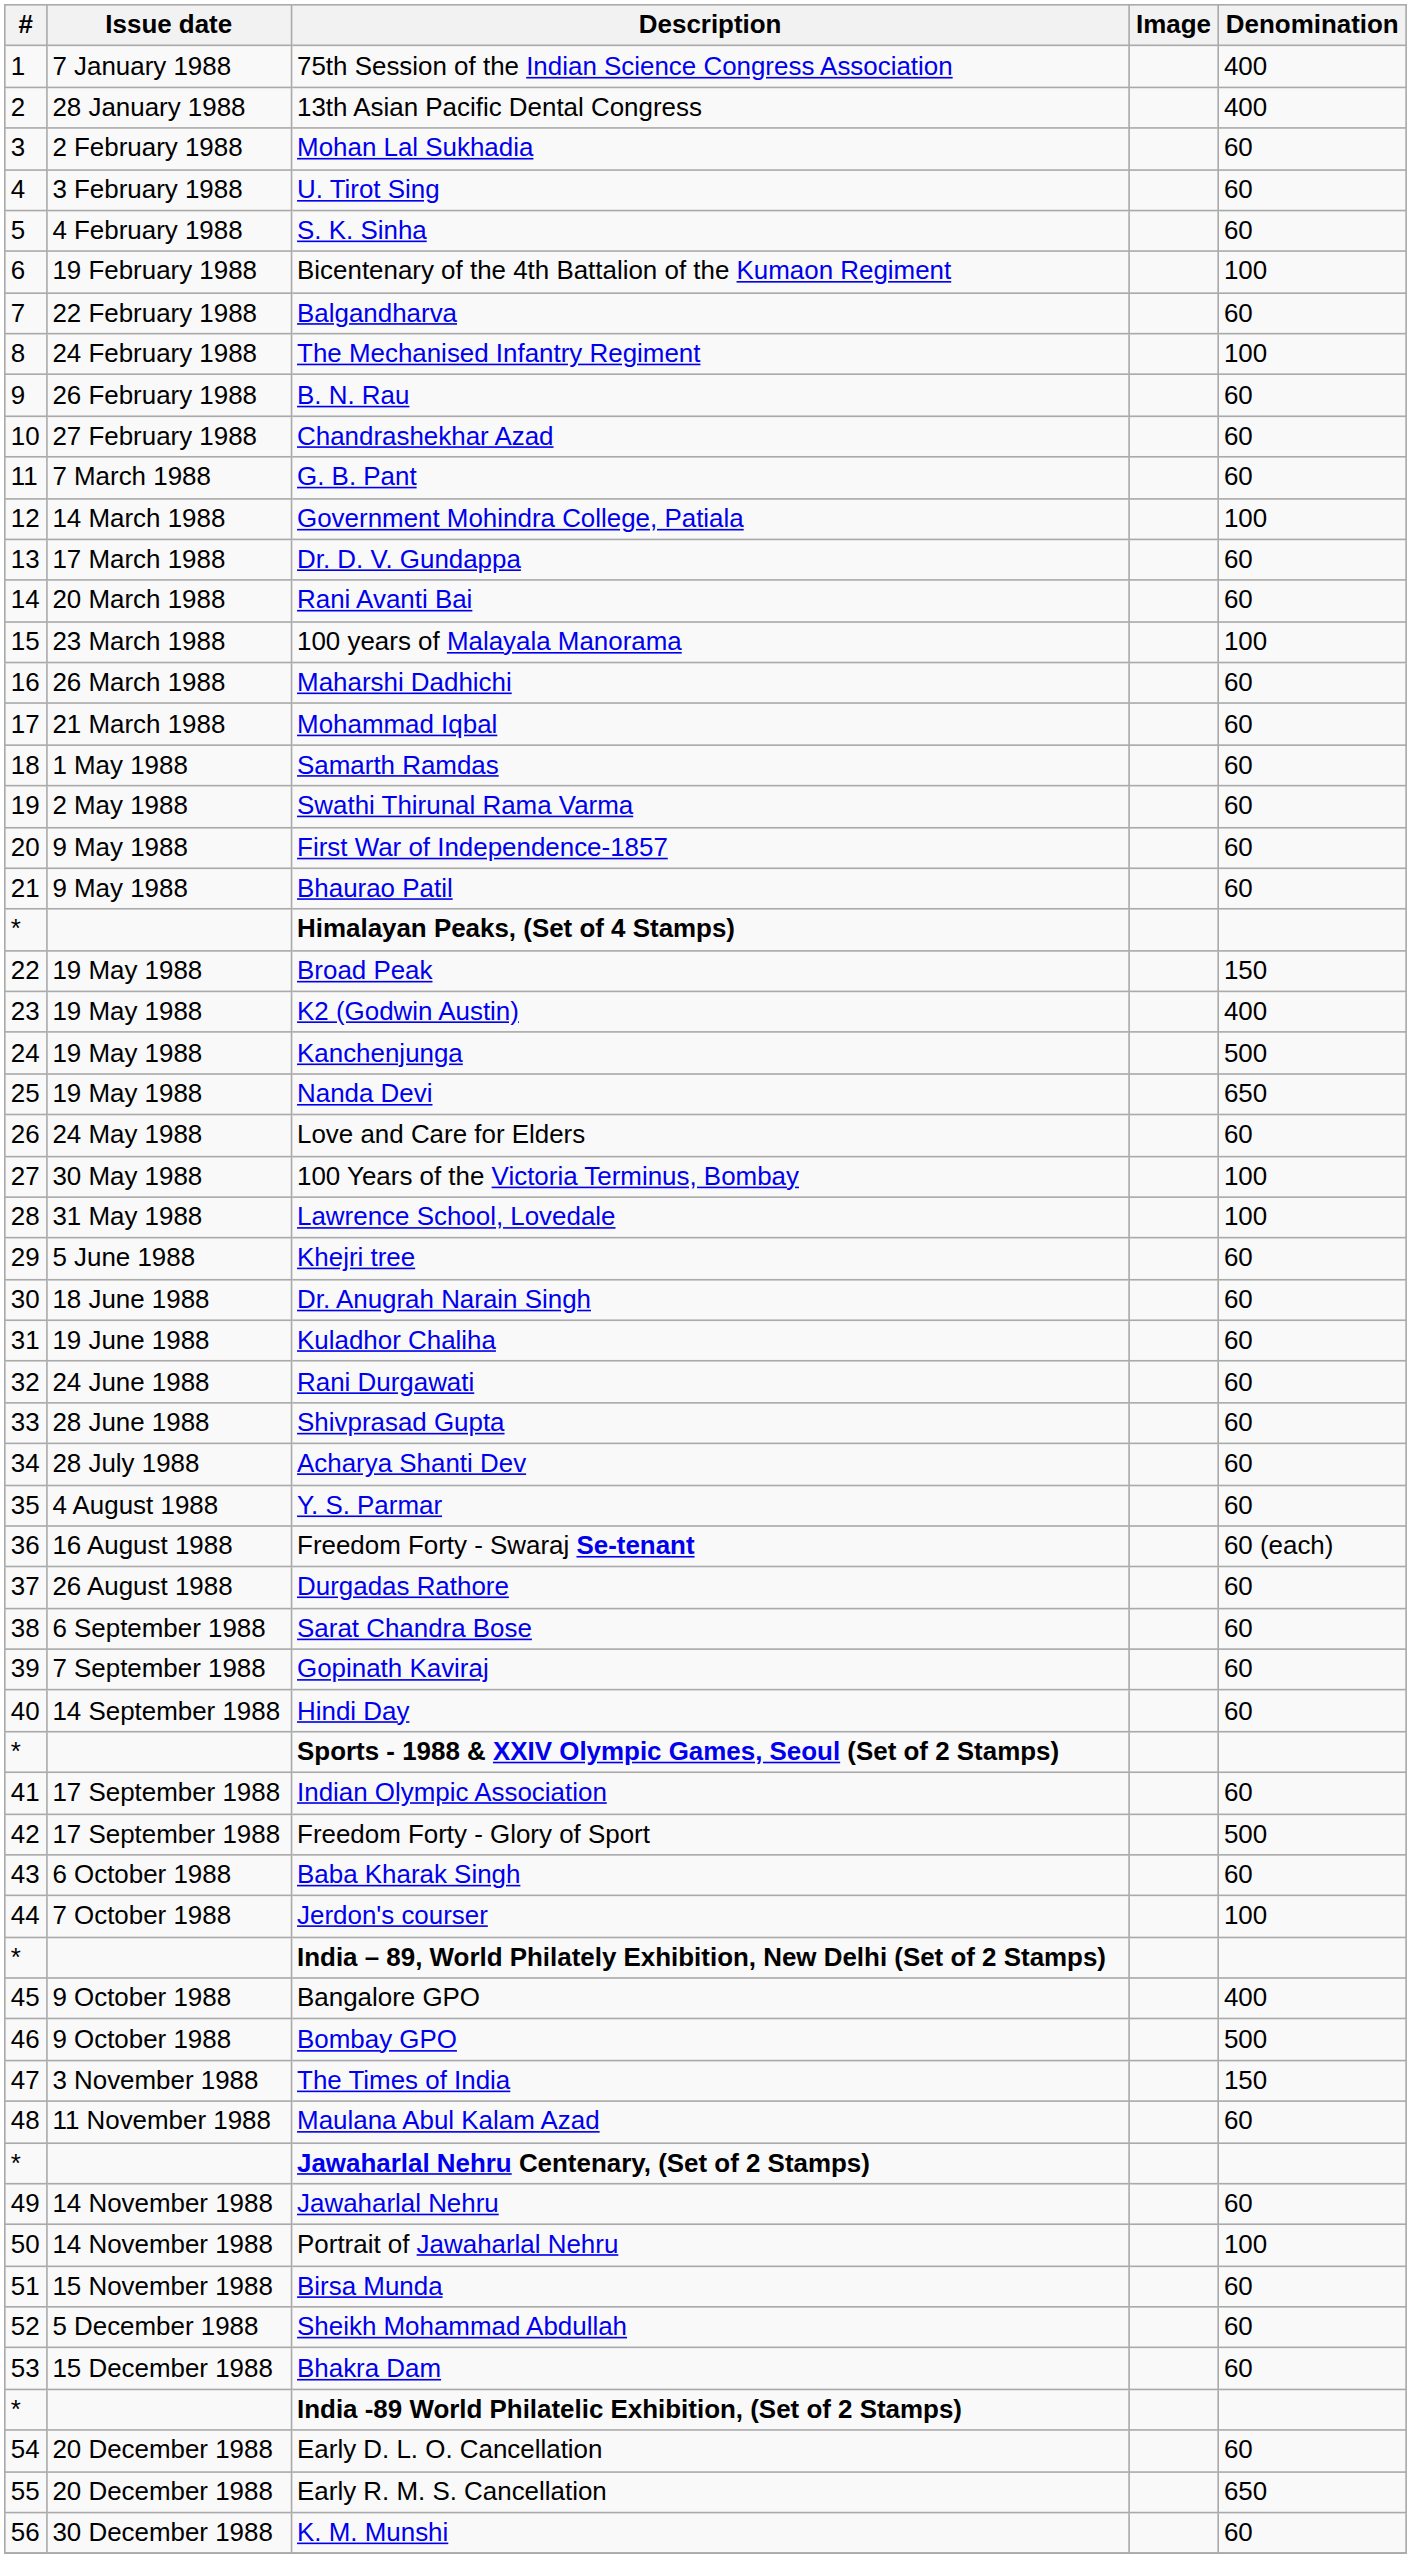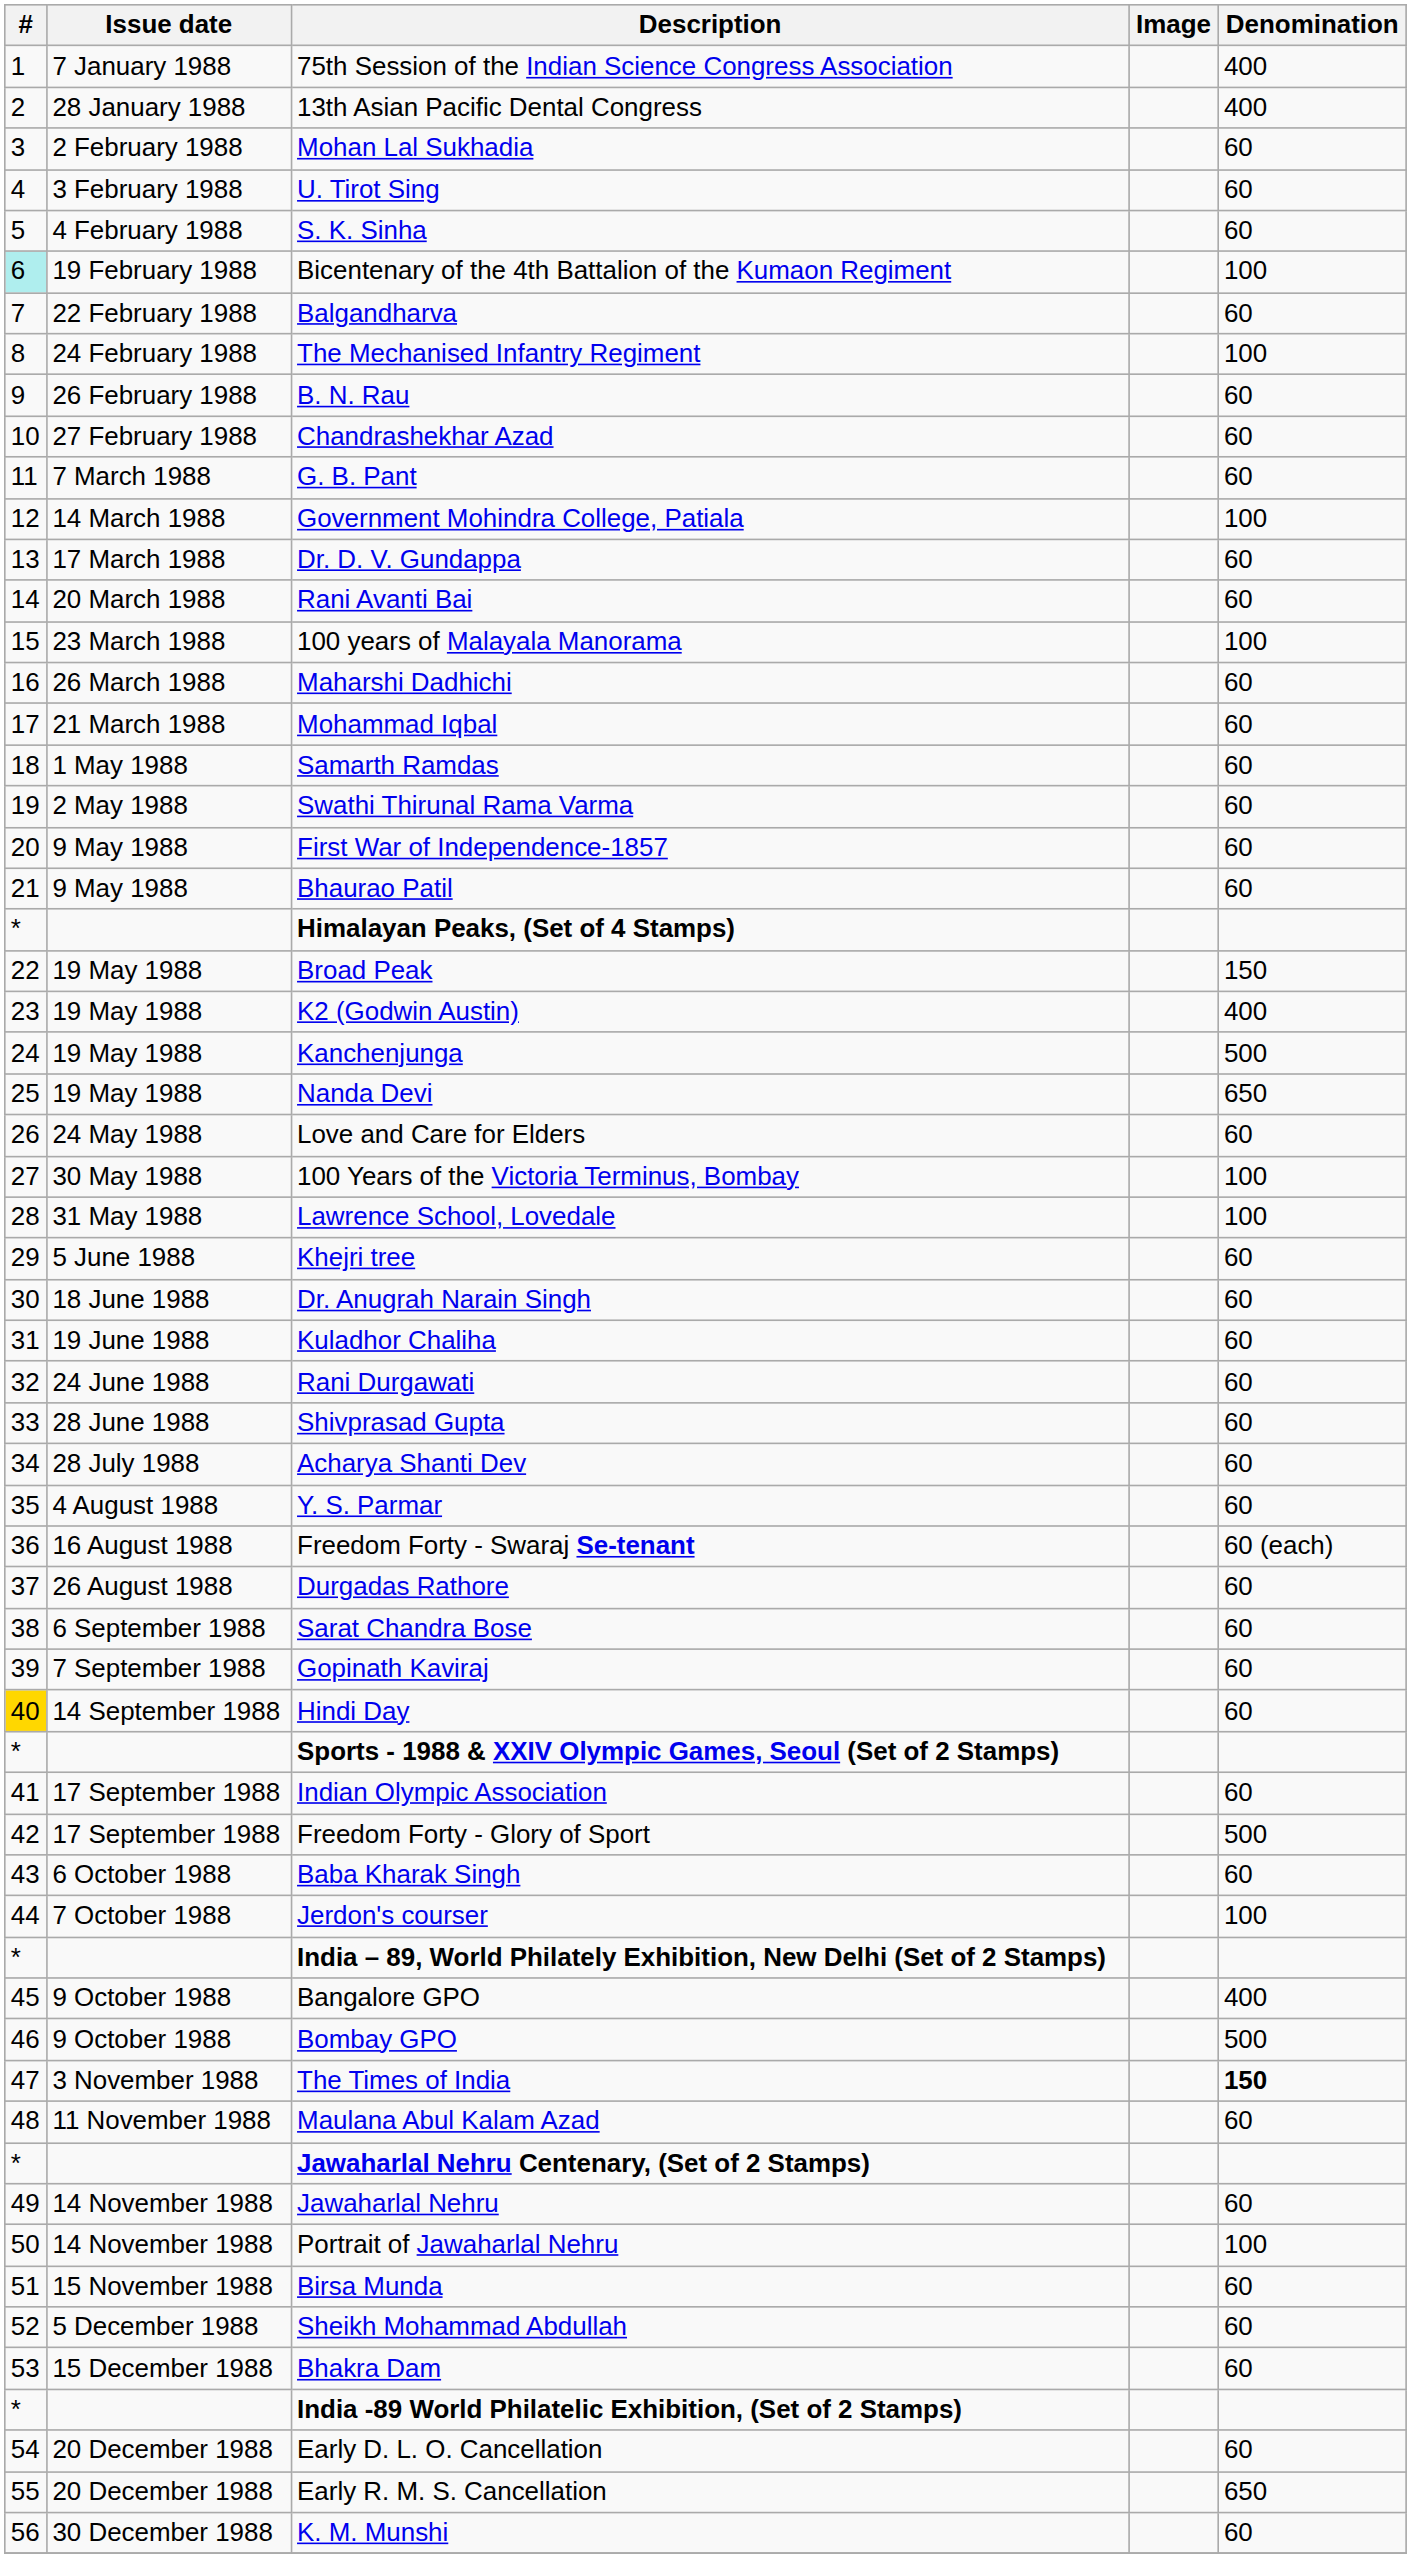 <table class="wikitable" style="text-align:justify" width="98%">
 <tr>
 <th>#</th>
 <th>Issue date</th>
 <th>Description</th>
 <th>Image</th>
 <th>Denomination</th>
 </tr>
 <tr>
 <td>1</td>
 <td>7 January 1988</td>
 <td>75th Session of the <a href='#'>Indian Science Congress Association</a></td>
 <td></td>
 <td>400</td>
 </tr>
 <tr>
 <td>2</td>
 <td>28 January 1988</td>
 <td>13th Asian Pacific Dental Congress</td>
 <td></td>
 <td>400</td>
 </tr>
 <tr>
 <td>3</td>
 <td>2 February 1988</td>
 <td><a href='#'>Mohan Lal Sukhadia</a></td>
 <td></td>
 <td>60</td>
 </tr>
 <tr>
 <td>4</td>
 <td>3 February 1988</td>
 <td><a href='#'>U. Tirot Sing</a></td>
 <td></td>
 <td>60</td>
 </tr>
 <tr>
 <td>5</td>
 <td>4 February 1988</td>
 <td><a href='#'>S. K. Sinha</a></td>
 <td></td>
 <td>60</td>
 </tr>
 <tr>
-<td>6</td>
+<td style="background: paleturquoise;">6</td>
 <td>19 February 1988</td>
 <td>Bicentenary of the 4th Battalion of the <a href='#'>Kumaon Regiment</a></td>
 <td></td>
 <td>100</td>
 </tr>
 <tr>
 <td>7</td>
 <td>22 February 1988</td>
 <td><a href='#'>Balgandharva</a></td>
 <td></td>
 <td>60</td>
 </tr>
 <tr>
 <td>8</td>
 <td>24 February 1988</td>
 <td><a href='#'>The Mechanised Infantry Regiment</a></td>
 <td></td>
 <td>100</td>
 </tr>
 <tr>
 <td>9</td>
 <td>26 February 1988</td>
 <td><a href='#'>B. N. Rau</a></td>
 <td></td>
 <td>60</td>
 </tr>
 <tr>
 <td>10</td>
 <td>27 February 1988</td>
 <td><a href='#'>Chandrashekhar Azad</a></td>
 <td></td>
 <td>60</td>
 </tr>
 <tr>
 <td>11</td>
 <td>7 March 1988</td>
 <td><a href='#'>G. B. Pant</a></td>
 <td></td>
 <td>60</td>
 </tr>
 <tr>
 <td>12</td>
 <td>14 March 1988</td>
 <td><a href='#'>Government Mohindra College, Patiala</a></td>
 <td></td>
 <td>100</td>
 </tr>
 <tr>
 <td>13</td>
 <td>17 March 1988</td>
 <td><a href='#'>Dr. D. V. Gundappa</a></td>
 <td></td>
 <td>60</td>
 </tr>
 <tr>
 <td>14</td>
 <td>20 March 1988</td>
 <td><a href='#'>Rani Avanti Bai</a></td>
 <td></td>
 <td>60</td>
 </tr>
 <tr>
 <td>15</td>
 <td>23 March 1988</td>
 <td>100 years of <a href='#'>Malayala Manorama</a></td>
 <td></td>
 <td>100</td>
 </tr>
 <tr>
 <td>16</td>
 <td>26 March 1988</td>
 <td><a href='#'>Maharshi Dadhichi</a></td>
 <td></td>
 <td>60</td>
 </tr>
 <tr>
 <td>17</td>
 <td>21 March 1988</td>
 <td><a href='#'>Mohammad Iqbal</a></td>
 <td></td>
 <td>60</td>
 </tr>
 <tr>
 <td>18</td>
 <td>1 May 1988</td>
 <td><a href='#'>Samarth Ramdas</a></td>
 <td></td>
 <td>60</td>
 </tr>
 <tr>
 <td>19</td>
 <td>2 May 1988</td>
 <td><a href='#'>Swathi Thirunal Rama Varma</a></td>
 <td></td>
 <td>60</td>
 </tr>
 <tr>
 <td>20</td>
 <td>9 May 1988</td>
 <td><a href='#'>First War of Independence-1857</a></td>
 <td></td>
 <td>60</td>
 </tr>
 <tr>
 <td>21</td>
 <td>9 May 1988</td>
 <td><a href='#'>Bhaurao Patil</a></td>
 <td></td>
 <td>60</td>
 </tr>
 <tr>
 <td>*</td>
 <td></td>
 <td><strong>Himalayan Peaks, (Set of 4 Stamps)</strong></td>
 <td></td>
 <td></td>
 </tr>
 <tr>
 <td>22</td>
 <td>19 May 1988</td>
 <td><a href='#'>Broad Peak</a></td>
 <td></td>
 <td>150</td>
 </tr>
 <tr>
 <td>23</td>
 <td>19 May 1988</td>
 <td><a href='#'>K2 (Godwin Austin)</a></td>
 <td></td>
 <td>400</td>
 </tr>
 <tr>
 <td>24</td>
 <td>19 May 1988</td>
 <td><a href='#'>Kanchenjunga</a></td>
 <td></td>
 <td>500</td>
 </tr>
 <tr>
 <td>25</td>
 <td>19 May 1988</td>
 <td><a href='#'>Nanda Devi</a></td>
 <td></td>
 <td>650</td>
 </tr>
 <tr>
 <td>26</td>
 <td>24 May 1988</td>
 <td>Love and Care for Elders</td>
 <td></td>
 <td>60</td>
 </tr>
 <tr>
 <td>27</td>
 <td>30 May 1988</td>
 <td>100 Years of the <a href='#'>Victoria Terminus, Bombay</a></td>
 <td></td>
 <td>100</td>
 </tr>
 <tr>
 <td>28</td>
 <td>31 May 1988</td>
 <td><a href='#'>Lawrence School, Lovedale</a></td>
 <td></td>
 <td>100</td>
 </tr>
 <tr>
 <td>29</td>
 <td>5 June 1988</td>
 <td><a href='#'>Khejri tree</a></td>
 <td></td>
 <td>60</td>
 </tr>
 <tr>
 <td>30</td>
 <td>18 June 1988</td>
 <td><a href='#'>Dr. Anugrah Narain Singh</a></td>
 <td></td>
 <td>60</td>
 </tr>
 <tr>
 <td>31</td>
 <td>19 June 1988</td>
 <td><a href='#'>Kuladhor Chaliha</a></td>
 <td></td>
 <td>60</td>
 </tr>
 <tr>
 <td>32</td>
 <td>24 June 1988</td>
 <td><a href='#'>Rani Durgawati</a></td>
 <td></td>
 <td>60</td>
 </tr>
 <tr>
 <td>33</td>
 <td>28 June 1988</td>
 <td><a href='#'>Shivprasad Gupta</a></td>
 <td></td>
 <td>60</td>
 </tr>
 <tr>
 <td>34</td>
 <td>28 July 1988</td>
 <td><a href='#'>Acharya Shanti Dev</a></td>
 <td></td>
 <td>60</td>
 </tr>
 <tr>
 <td>35</td>
 <td>4 August 1988</td>
 <td><a href='#'>Y. S. Parmar</a></td>
 <td></td>
 <td>60</td>
 </tr>
 <tr>
 <td>36</td>
 <td>16 August 1988</td>
 <td>Freedom Forty - Swaraj <strong><a href='#'>Se-tenant</a></strong></td>
 <td></td>
 <td>60 (each)</td>
 </tr>
 <tr>
 <td>37</td>
 <td>26 August 1988</td>
 <td><a href='#'>Durgadas Rathore</a></td>
 <td></td>
 <td>60</td>
 </tr>
 <tr>
 <td>38</td>
 <td>6 September 1988</td>
 <td><a href='#'>Sarat Chandra Bose</a></td>
 <td></td>
 <td>60</td>
 </tr>
 <tr>
 <td>39</td>
 <td>7 September 1988</td>
 <td><a href='#'>Gopinath Kaviraj</a></td>
 <td></td>
 <td>60</td>
 </tr>
 <tr>
-<td>40</td>
+<td style="background: gold;">40</td>
 <td>14 September 1988</td>
 <td><a href='#'>Hindi Day</a></td>
 <td></td>
 <td>60</td>
 </tr>
 <tr>
 <td>*</td>
 <td></td>
 <td><strong>Sports - 1988 & <a href='#'>XXIV Olympic Games, Seoul</a> (Set of 2 Stamps)</strong></td>
 <td></td>
 <td></td>
 </tr>
 <tr>
 <td>41</td>
 <td>17 September 1988</td>
 <td><a href='#'>Indian Olympic Association</a></td>
 <td></td>
 <td>60</td>
 </tr>
 <tr>
 <td>42</td>
 <td>17 September 1988</td>
 <td>Freedom Forty - Glory of Sport</td>
 <td></td>
 <td>500</td>
 </tr>
 <tr>
 <td>43</td>
 <td>6 October 1988</td>
 <td><a href='#'>Baba Kharak Singh</a></td>
 <td></td>
 <td>60</td>
 </tr>
 <tr>
 <td>44</td>
 <td>7 October 1988</td>
 <td><a href='#'>Jerdon's courser</a></td>
 <td></td>
 <td>100</td>
 </tr>
 <tr>
 <td>*</td>
 <td></td>
 <td><strong>India – 89, World Philately Exhibition, New Delhi (Set of 2 Stamps)</strong></td>
 <td></td>
 <td></td>
 </tr>
 <tr>
 <td>45</td>
 <td>9 October 1988</td>
 <td>Bangalore GPO</td>
 <td></td>
 <td>400</td>
 </tr>
 <tr>
 <td>46</td>
 <td>9 October 1988</td>
 <td><a href='#'>Bombay GPO</a></td>
 <td></td>
 <td>500</td>
 </tr>
 <tr>
 <td>47</td>
 <td>3 November 1988</td>
 <td><a href='#'>The Times of India</a></td>
 <td></td>
-<td>150</td>
+<td><strong>150</strong></td>
 </tr>
 <tr>
 <td>48</td>
 <td>11 November 1988</td>
 <td><a href='#'>Maulana Abul Kalam Azad</a></td>
 <td></td>
 <td>60</td>
 </tr>
 <tr>
 <td>*</td>
 <td></td>
 <td><strong><a href='#'>Jawaharlal Nehru</a> Centenary, (Set of 2 Stamps)</strong></td>
 <td></td>
 <td></td>
 </tr>
 <tr>
 <td>49</td>
 <td>14 November 1988</td>
 <td><a href='#'>Jawaharlal Nehru</a></td>
 <td></td>
 <td>60</td>
 </tr>
 <tr>
 <td>50</td>
 <td>14 November 1988</td>
 <td>Portrait of <a href='#'>Jawaharlal Nehru</a></td>
 <td></td>
 <td>100</td>
 </tr>
 <tr>
 <td>51</td>
 <td>15 November 1988</td>
 <td><a href='#'>Birsa Munda</a></td>
 <td></td>
 <td>60</td>
 </tr>
 <tr>
 <td>52</td>
 <td>5 December 1988</td>
 <td><a href='#'>Sheikh Mohammad Abdullah</a></td>
 <td></td>
 <td>60</td>
 </tr>
 <tr>
 <td>53</td>
 <td>15 December 1988</td>
 <td><a href='#'>Bhakra Dam</a></td>
 <td></td>
 <td>60</td>
 </tr>
 <tr>
 <td>*</td>
 <td></td>
 <td><strong>India -89 World Philatelic Exhibition, (Set of 2 Stamps)</strong></td>
 <td></td>
 <td></td>
 </tr>
 <tr>
 <td>54</td>
 <td>20 December 1988</td>
 <td>Early D. L. O. Cancellation</td>
 <td></td>
 <td>60</td>
 </tr>
 <tr>
 <td>55</td>
 <td>20 December 1988</td>
 <td>Early R. M. S. Cancellation</td>
 <td></td>
 <td>650</td>
 </tr>
 <tr>
 <td>56</td>
 <td>30 December 1988</td>
 <td><a href='#'>K. M. Munshi</a></td>
 <td></td>
 <td>60</td>
 </tr>
 <tr>
 </tr>
 </table>
